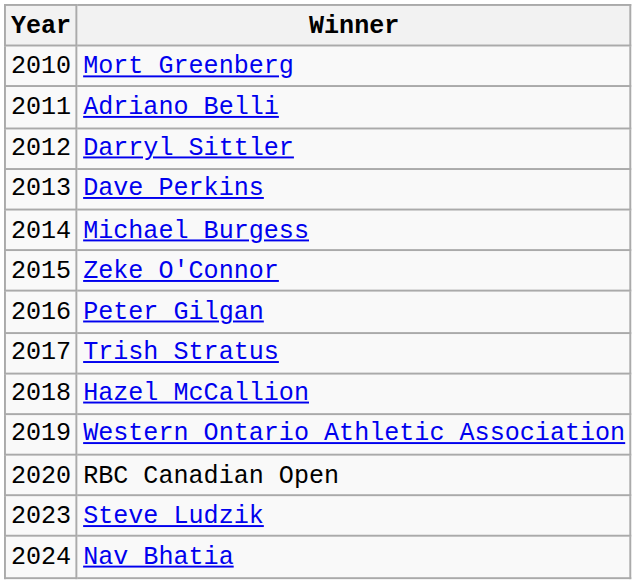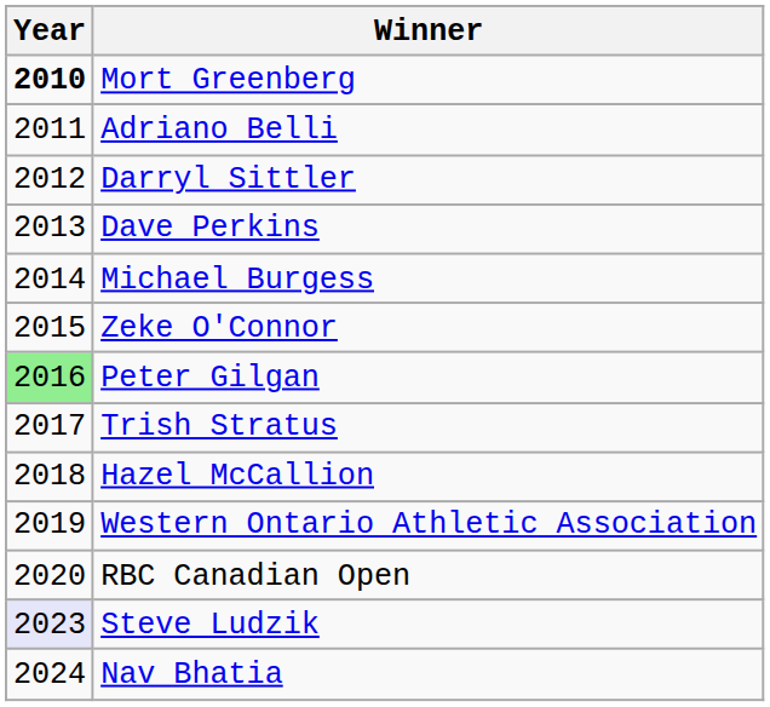 <table class="wikitable sortable">
 <tr>
 <th>Year</th>
 <th>Winner</th>
 </tr>
 <tr>
-<td>2010</td>
+<td><strong>2010</strong></td>
 <td><a href='#'>Mort Greenberg</a></td>
 </tr>
 <tr>
 <td>2011</td>
 <td><a href='#'>Adriano Belli</a></td>
 </tr>
 <tr>
 <td>2012</td>
 <td><a href='#'>Darryl Sittler</a></td>
 </tr>
 <tr>
 <td>2013</td>
 <td><a href='#'>Dave Perkins</a></td>
 </tr>
 <tr>
 <td>2014</td>
 <td><a href='#'>Michael Burgess</a></td>
 </tr>
 <tr>
 <td>2015</td>
 <td><a href='#'>Zeke O'Connor</a></td>
 </tr>
 <tr>
-<td>2016</td>
+<td style="background: lightgreen;">2016</td>
 <td><a href='#'>Peter Gilgan</a></td>
 </tr>
 <tr>
 <td>2017</td>
 <td><a href='#'>Trish Stratus</a></td>
 </tr>
 <tr>
 <td>2018</td>
 <td><a href='#'>Hazel McCallion</a></td>
 </tr>
 <tr>
 <td>2019</td>
 <td><a href='#'>Western Ontario Athletic Association</a></td>
 </tr>
 <tr>
 <td>2020</td>
 <td>RBC Canadian Open</td>
 </tr>
 <tr>
-<td>2023</td>
+<td style="background: lavender;">2023</td>
 <td><a href='#'>Steve Ludzik</a></td>
 </tr>
 <tr>
 <td>2024</td>
 <td><a href='#'>Nav Bhatia</a></td>
 </tr>
 </table>
